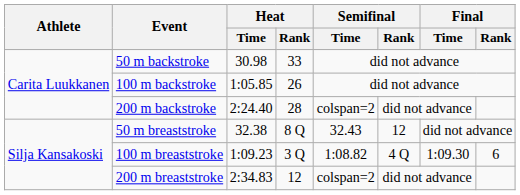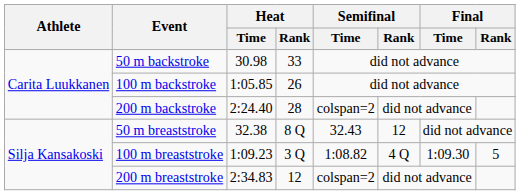 <table class=wikitable style="font-size:90%">
 <tr>
 <th rowspan=2>Athlete</th>
 <th rowspan=2>Event</th>
 <th colspan="2">Heat</th>
 <th colspan="2">Semifinal</th>
 <th colspan="2">Final</th>
 </tr>
 <tr style="font-size:95%">
 <th>Time</th>
 <th>Rank</th>
 <th>Time</th>
 <th>Rank</th>
 <th>Time</th>
 <th>Rank</th>
 </tr>
 <tr align=center>
 <td align=left rowspan=3><a href='#'>Carita Luukkanen</a></td>
 <td align=left><a href='#'>50 m backstroke</a></td>
 <td>30.98</td>
 <td>33</td>
 <td colspan=4>did not advance</td>
 </tr>
 <tr align=center>
 <td align=left><a href='#'>100 m backstroke</a></td>
 <td>1:05.85</td>
 <td>26</td>
 <td colspan=4>did not advance</td>
 </tr>
 <tr align=center>
 <td align=left><a href='#'>200 m backstroke</a></td>
 <td>2:24.40</td>
 <td>28</td>
 <td>colspan=2 </td>
 <td colspan=2>did not advance</td>
 </tr>
 <tr align=center>
 <td align=left rowspan=3><a href='#'>Silja Kansakoski</a></td>
 <td align=left><a href='#'>50 m breaststroke</a></td>
 <td>32.38</td>
 <td>8 Q</td>
 <td>32.43</td>
 <td>12</td>
 <td colspan=2>did not advance</td>
 </tr>
 <tr align=center>
 <td align=left><a href='#'>100 m breaststroke</a></td>
 <td>1:09.23</td>
 <td>3 Q</td>
 <td>1:08.82</td>
 <td>4 Q</td>
 <td>1:09.30</td>
-<td>6</td>
+<td>5</td>
 </tr>
 <tr align=center>
 <td align=left><a href='#'>200 m breaststroke</a></td>
 <td>2:34.83</td>
 <td>12</td>
 <td>colspan=2 </td>
 <td colspan=2>did not advance</td>
 </tr>
 </table>
